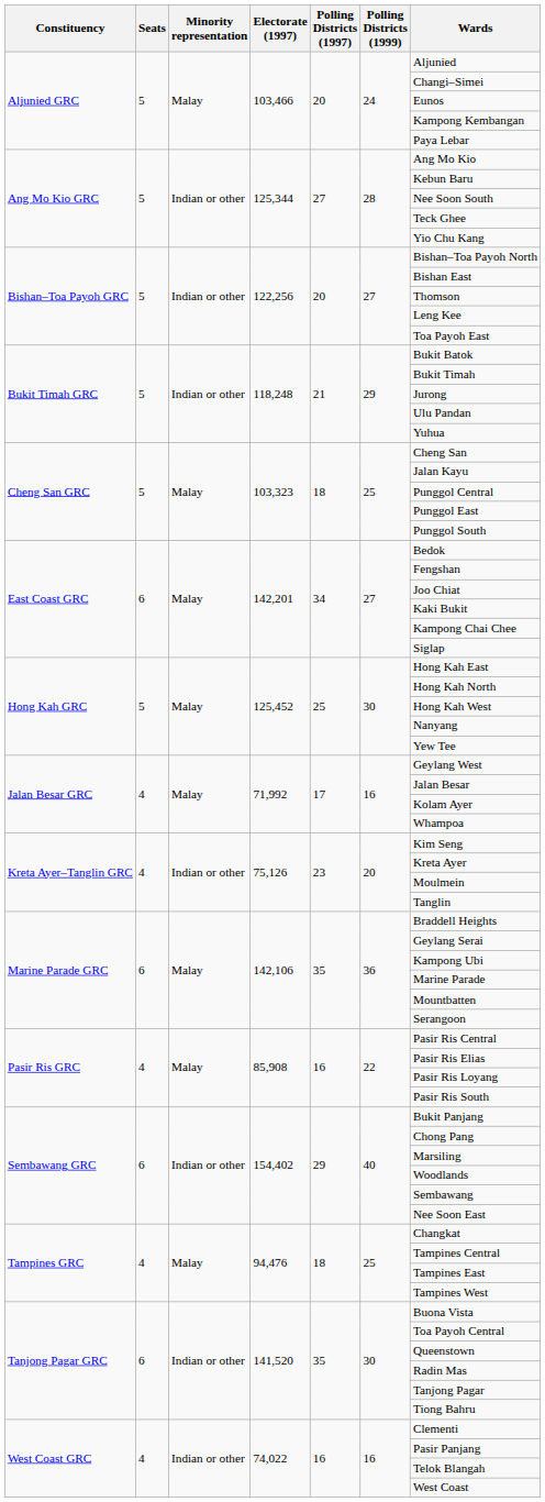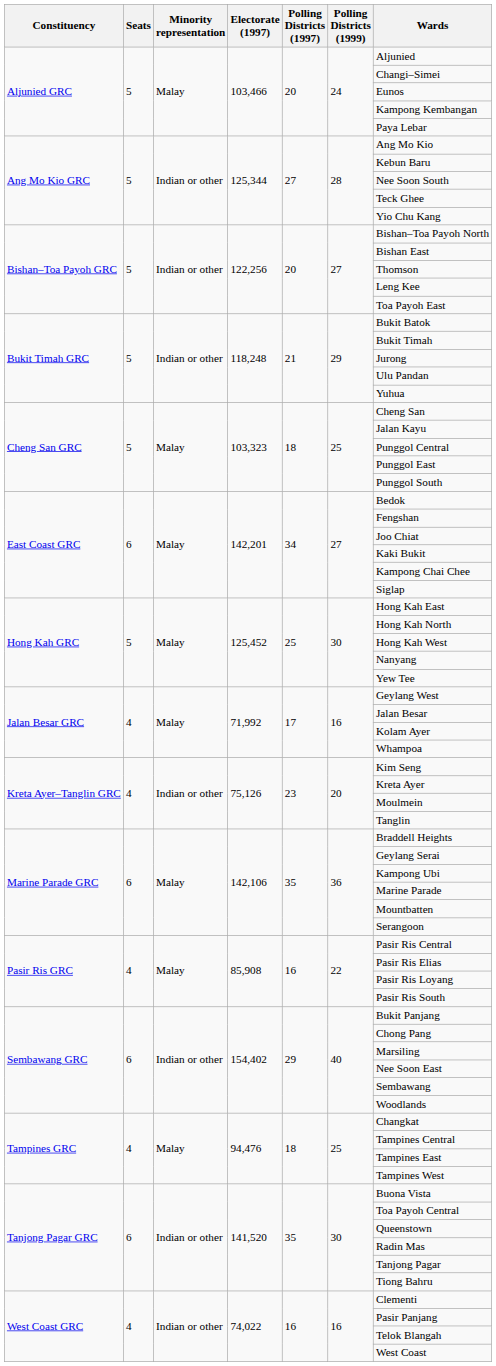 <table class="wikitable">
 <tr>
 <th>Constituency</th>
 <th>Seats</th>
 <th>Minority<br>representation</th>
 <th>Electorate<br>(1997)</th>
 <th>Polling<br>Districts<br>(1997)</th>
 <th>Polling<br>Districts<br>(1999)</th>
 <th>Wards</th>
 </tr>
 <tr>
 <td rowspan="5"><a href='#'>Aljunied GRC</a></td>
 <td rowspan="5">5</td>
 <td rowspan="5">Malay</td>
 <td rowspan="5">103,466</td>
 <td rowspan="5">20</td>
 <td rowspan="5">24</td>
 <td>Aljunied</td>
 </tr>
 <tr>
 <td>Changi–Simei</td>
 </tr>
 <tr>
 <td>Eunos</td>
 </tr>
 <tr>
 <td>Kampong Kembangan</td>
 </tr>
 <tr>
 <td>Paya Lebar</td>
 </tr>
 <tr>
 <td rowspan="5"><a href='#'>Ang Mo Kio GRC</a></td>
 <td rowspan="5">5</td>
 <td rowspan="5">Indian or other</td>
 <td rowspan="5">125,344</td>
 <td rowspan="5">27</td>
 <td rowspan="5">28</td>
 <td>Ang Mo Kio</td>
 </tr>
 <tr>
 <td>Kebun Baru</td>
 </tr>
 <tr>
 <td>Nee Soon South</td>
 </tr>
 <tr>
 <td>Teck Ghee</td>
 </tr>
 <tr>
 <td>Yio Chu Kang</td>
 </tr>
 <tr>
 <td rowspan="5"><a href='#'>Bishan–Toa Payoh GRC</a></td>
 <td rowspan="5">5</td>
 <td rowspan="5">Indian or other</td>
 <td rowspan="5">122,256</td>
 <td rowspan="5">20</td>
 <td rowspan="5">27</td>
 <td>Bishan–Toa Payoh North</td>
 </tr>
 <tr>
 <td>Bishan East</td>
 </tr>
 <tr>
 <td>Thomson</td>
 </tr>
 <tr>
 <td>Leng Kee</td>
 </tr>
 <tr>
 <td>Toa Payoh East</td>
 </tr>
 <tr>
 <td rowspan="5"><a href='#'>Bukit Timah GRC</a></td>
 <td rowspan="5">5</td>
 <td rowspan="5">Indian or other</td>
 <td rowspan="5">118,248</td>
 <td rowspan="5">21</td>
 <td rowspan="5">29</td>
 <td>Bukit Batok</td>
 </tr>
 <tr>
 <td>Bukit Timah</td>
 </tr>
 <tr>
 <td>Jurong</td>
 </tr>
 <tr>
 <td>Ulu Pandan</td>
 </tr>
 <tr>
 <td>Yuhua</td>
 </tr>
 <tr>
 <td rowspan="5"><a href='#'>Cheng San GRC</a></td>
 <td rowspan="5">5</td>
 <td rowspan="5">Malay</td>
 <td rowspan="5">103,323</td>
 <td rowspan="5">18</td>
 <td rowspan="5">25</td>
 <td>Cheng San</td>
 </tr>
 <tr>
 <td>Jalan Kayu</td>
 </tr>
 <tr>
 <td>Punggol Central</td>
 </tr>
 <tr>
 <td>Punggol East</td>
 </tr>
 <tr>
 <td>Punggol South</td>
 </tr>
 <tr>
 <td rowspan="6"><a href='#'>East Coast GRC</a></td>
 <td rowspan="6">6</td>
 <td rowspan="6">Malay</td>
 <td rowspan="6">142,201</td>
 <td rowspan="6">34</td>
 <td rowspan="6">27</td>
 <td>Bedok</td>
 </tr>
 <tr>
 <td>Fengshan</td>
 </tr>
 <tr>
 <td>Joo Chiat</td>
 </tr>
 <tr>
 <td>Kaki Bukit</td>
 </tr>
 <tr>
 <td>Kampong Chai Chee</td>
 </tr>
 <tr>
 <td>Siglap</td>
 </tr>
 <tr>
 <td rowspan="5"><a href='#'>Hong Kah GRC</a></td>
 <td rowspan="5">5</td>
 <td rowspan="5">Malay</td>
 <td rowspan="5">125,452</td>
 <td rowspan="5">25</td>
 <td rowspan="5">30</td>
 <td>Hong Kah East</td>
 </tr>
 <tr>
 <td>Hong Kah North</td>
 </tr>
 <tr>
 <td>Hong Kah West</td>
 </tr>
 <tr>
 <td>Nanyang</td>
 </tr>
 <tr>
 <td>Yew Tee</td>
 </tr>
 <tr>
 <td rowspan="4"><a href='#'>Jalan Besar GRC</a></td>
 <td rowspan="4">4</td>
 <td rowspan="4">Malay</td>
 <td rowspan="4">71,992</td>
 <td rowspan="4">17</td>
 <td rowspan="4">16</td>
 <td>Geylang West</td>
 </tr>
 <tr>
 <td>Jalan Besar</td>
 </tr>
 <tr>
 <td>Kolam Ayer</td>
 </tr>
 <tr>
 <td>Whampoa</td>
 </tr>
 <tr>
 <td rowspan="4"><a href='#'>Kreta Ayer–Tanglin GRC</a></td>
 <td rowspan="4">4</td>
 <td rowspan="4">Indian or other</td>
 <td rowspan="4">75,126</td>
 <td rowspan="4">23</td>
 <td rowspan="4">20</td>
 <td>Kim Seng</td>
 </tr>
 <tr>
 <td>Kreta Ayer</td>
 </tr>
 <tr>
 <td>Moulmein</td>
 </tr>
 <tr>
 <td>Tanglin</td>
 </tr>
 <tr>
 <td rowspan="6"><a href='#'>Marine Parade GRC</a></td>
 <td rowspan="6">6</td>
 <td rowspan="6">Malay</td>
 <td rowspan="6">142,106</td>
 <td rowspan="6">35</td>
 <td rowspan="6">36</td>
 <td>Braddell Heights</td>
 </tr>
 <tr>
 <td>Geylang Serai</td>
 </tr>
 <tr>
 <td>Kampong Ubi</td>
 </tr>
 <tr>
 <td>Marine Parade</td>
 </tr>
 <tr>
 <td>Mountbatten</td>
 </tr>
 <tr>
 <td>Serangoon</td>
 </tr>
 <tr>
 <td rowspan="4"><a href='#'>Pasir Ris GRC</a></td>
 <td rowspan="4">4</td>
 <td rowspan="4">Malay</td>
 <td rowspan="4">85,908</td>
 <td rowspan="4">16</td>
 <td rowspan="4">22</td>
 <td>Pasir Ris Central</td>
 </tr>
 <tr>
 <td>Pasir Ris Elias</td>
 </tr>
 <tr>
 <td>Pasir Ris Loyang</td>
 </tr>
 <tr>
 <td>Pasir Ris South</td>
 </tr>
 <tr>
 <td rowspan="6"><a href='#'>Sembawang GRC</a></td>
 <td rowspan="6">6</td>
 <td rowspan="6">Indian or other</td>
 <td rowspan="6">154,402</td>
 <td rowspan="6">29</td>
 <td rowspan="6">40</td>
 <td>Bukit Panjang</td>
 </tr>
 <tr>
 <td>Chong Pang</td>
 </tr>
 <tr>
 <td>Marsiling</td>
 </tr>
 <tr>
-<td>Woodlands</td>
+<td>Nee Soon East</td>
 </tr>
 <tr>
 <td>Sembawang</td>
 </tr>
 <tr>
-<td>Nee Soon East</td>
+<td>Woodlands</td>
 </tr>
 <tr>
 <td rowspan="4"><a href='#'>Tampines GRC</a></td>
 <td rowspan="4">4</td>
 <td rowspan="4">Malay</td>
 <td rowspan="4">94,476</td>
 <td rowspan="4">18</td>
 <td rowspan="4">25</td>
 <td>Changkat</td>
 </tr>
 <tr>
 <td>Tampines Central</td>
 </tr>
 <tr>
 <td>Tampines East</td>
 </tr>
 <tr>
 <td>Tampines West</td>
 </tr>
 <tr>
 <td rowspan="6"><a href='#'>Tanjong Pagar GRC</a></td>
 <td rowspan="6">6</td>
 <td rowspan="6">Indian or other</td>
 <td rowspan="6">141,520</td>
 <td rowspan="6">35</td>
 <td rowspan="6">30</td>
 <td>Buona Vista</td>
 </tr>
 <tr>
 <td>Toa Payoh Central</td>
 </tr>
 <tr>
 <td>Queenstown</td>
 </tr>
 <tr>
 <td>Radin Mas</td>
 </tr>
 <tr>
 <td>Tanjong Pagar</td>
 </tr>
 <tr>
 <td>Tiong Bahru</td>
 </tr>
 <tr>
 <td rowspan="4"><a href='#'>West Coast GRC</a></td>
 <td rowspan="4">4</td>
 <td rowspan="4">Indian or other</td>
 <td rowspan="4">74,022</td>
 <td rowspan="4">16</td>
 <td rowspan="4">16</td>
 <td>Clementi</td>
 </tr>
 <tr>
 <td>Pasir Panjang</td>
 </tr>
 <tr>
 <td>Telok Blangah</td>
 </tr>
 <tr>
 <td>West Coast</td>
 </tr>
 </table>
